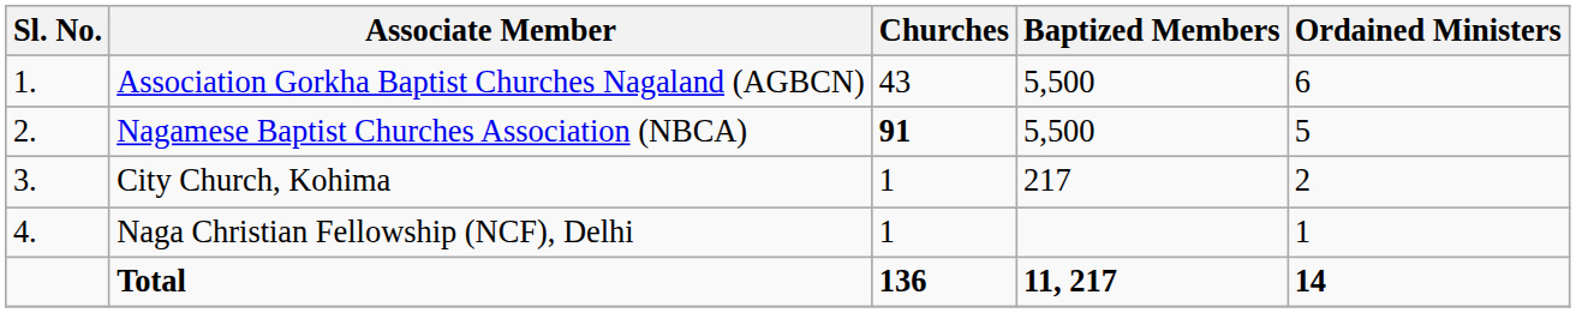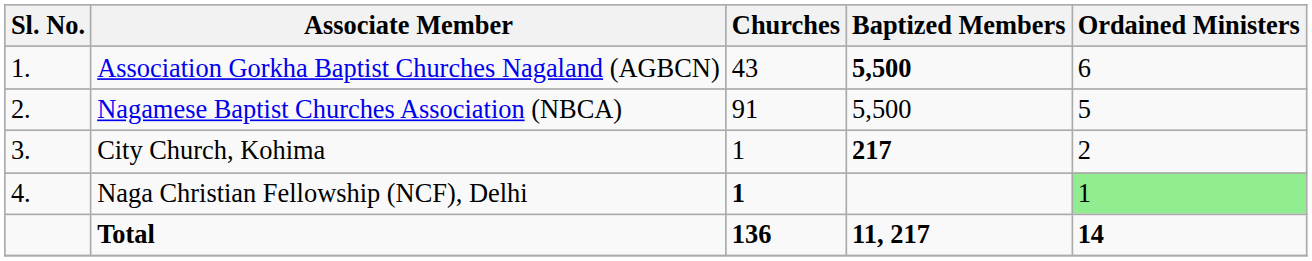 <table class = "wikitable">
 <tr>
 <th>Sl. No.</th>
 <th>Associate Member</th>
 <th>Churches</th>
 <th>Baptized Members</th>
 <th>Ordained Ministers</th>
 </tr>
 <tr>
 <td>1.</td>
 <td><a href='#'>Association Gorkha Baptist Churches Nagaland</a> (AGBCN)</td>
 <td>43</td>
-<td>5,500</td>
+<td><strong>5,500</strong></td>
 <td>6</td>
 </tr>
 <tr>
 <td>2.</td>
 <td><a href='#'>Nagamese Baptist Churches Association</a> (NBCA)</td>
-<td><strong>91</strong></td>
+<td>91</td>
 <td>5,500</td>
 <td>5</td>
 </tr>
 <tr>
 <td>3.</td>
 <td>City Church, Kohima</td>
 <td>1</td>
-<td>217</td>
+<td><strong>217</strong></td>
 <td>2</td>
 </tr>
 <tr>
 <td>4.</td>
 <td>Naga Christian Fellowship (NCF), Delhi</td>
-<td>1</td>
+<td><strong>1</strong></td>
 <td></td>
-<td>1</td>
+<td style="background: lightgreen;">1</td>
 </tr>
 <tr>
 <td></td>
 <td><strong>Total</strong></td>
 <td><strong>136</strong></td>
 <td><strong>11, 217</strong></td>
 <td><strong>14</strong></td>
 </tr>
 <tr>
 </tr>
 </table>
